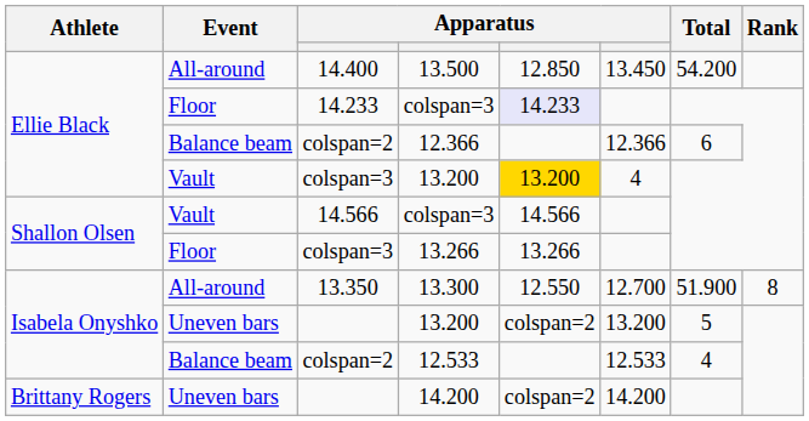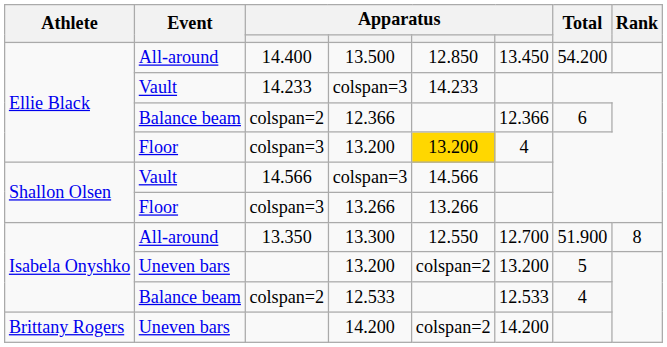 <table class="wikitable" style="font-size:90%">
 <tr>
 <th rowspan=2>Athlete</th>
 <th rowspan=2>Event</th>
 <th colspan=4>Apparatus</th>
 <th rowspan=2>Total</th>
 <th rowspan=2>Rank</th>
 </tr>
 <tr style="font-size:95%">
 <th></th>
 <th></th>
 <th></th>
 <th></th>
 </tr>
 <tr align=center>
 <td align=left rowspan=4><a href='#'>Ellie Black</a></td>
 <td align=left><a href='#'>All-around</a></td>
 <td>14.400</td>
 <td>13.500</td>
 <td>12.850</td>
 <td>13.450</td>
 <td>54.200</td>
 <td></td>
 </tr>
 <tr align=center>
-<td align=left><a href='#'>Floor</a></td>
+<td align=left><a href='#'>Vault</a></td>
 <td>14.233</td>
 <td>colspan=3 </td>
-<td style="background: lavender;">14.233</td>
+<td>14.233</td>
 <td></td>
 </tr>
 <tr align=center>
 <td align=left><a href='#'>Balance beam</a></td>
 <td>colspan=2 </td>
 <td>12.366</td>
 <td></td>
 <td>12.366</td>
 <td>6</td>
 </tr>
 <tr align=center>
-<td align=left><a href='#'>Vault</a></td>
+<td align=left><a href='#'>Floor</a></td>
 <td>colspan=3 </td>
 <td>13.200</td>
 <td style="background: gold;">13.200</td>
 <td>4</td>
 </tr>
 <tr align=center>
 <td align=left rowspan=2><a href='#'>Shallon Olsen</a></td>
 <td align=left><a href='#'>Vault</a></td>
 <td>14.566</td>
 <td>colspan=3 </td>
 <td>14.566</td>
 <td></td>
 </tr>
 <tr align=center>
 <td align=left><a href='#'>Floor</a></td>
 <td>colspan=3 </td>
 <td>13.266</td>
 <td>13.266</td>
 <td></td>
 </tr>
 <tr align=center>
 <td align=left rowspan=3><a href='#'>Isabela Onyshko</a></td>
 <td align=left><a href='#'>All-around</a></td>
 <td>13.350</td>
 <td>13.300</td>
 <td>12.550</td>
 <td>12.700</td>
 <td>51.900</td>
 <td>8</td>
 </tr>
 <tr align=center>
 <td align=left><a href='#'>Uneven bars</a></td>
 <td></td>
 <td>13.200</td>
 <td>colspan=2 </td>
 <td>13.200</td>
 <td>5</td>
 </tr>
 <tr align=center>
 <td align=left><a href='#'>Balance beam</a></td>
 <td>colspan=2 </td>
 <td>12.533</td>
 <td></td>
 <td>12.533</td>
 <td>4</td>
 </tr>
 <tr align=center>
 <td align=left><a href='#'>Brittany Rogers</a></td>
 <td align=left><a href='#'>Uneven bars</a></td>
 <td></td>
 <td>14.200</td>
 <td>colspan=2 </td>
 <td>14.200</td>
 <td></td>
 </tr>
 </table>
